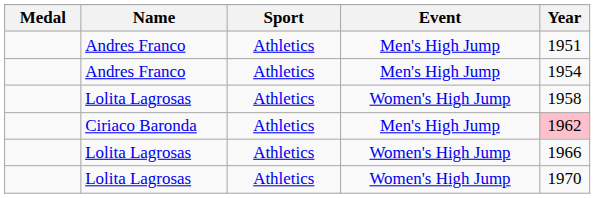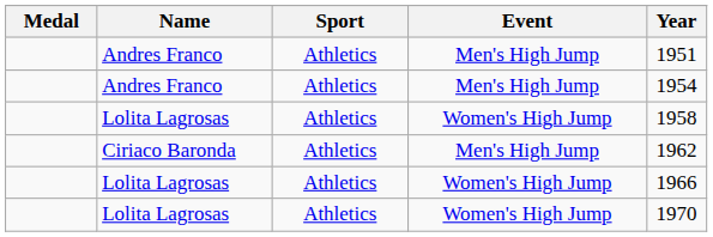 <table class="wikitable"  style="font-size:100%;  text-align:center;">
 <tr>
 </tr>
 <tr>
 <th width="65">Medal</th>
 <th width="130">Name</th>
 <th width="100">Sport</th>
 <th width="180">Event</th>
 <th width="40">Year</th>
 </tr>
 <tr>
 <td></td>
 <td align=left><a href='#'>Andres Franco</a></td>
 <td><a href='#'>Athletics</a></td>
 <td><a href='#'>Men's High Jump</a></td>
 <td>1951</td>
 </tr>
 <tr>
 <td></td>
 <td align=left><a href='#'>Andres Franco</a></td>
 <td><a href='#'>Athletics</a></td>
 <td><a href='#'>Men's High Jump</a></td>
 <td>1954</td>
 </tr>
 <tr>
 <td></td>
 <td align=left><a href='#'>Lolita Lagrosas</a></td>
 <td><a href='#'>Athletics</a></td>
 <td><a href='#'>Women's High Jump</a></td>
 <td>1958</td>
 </tr>
 <tr>
 <td></td>
 <td align=left><a href='#'>Ciriaco Baronda</a></td>
 <td><a href='#'>Athletics</a></td>
 <td><a href='#'>Men's High Jump</a></td>
-<td style="background: pink;">1962</td>
+<td>1962</td>
 </tr>
 <tr>
 <td></td>
 <td align=left><a href='#'>Lolita Lagrosas</a></td>
 <td><a href='#'>Athletics</a></td>
 <td><a href='#'>Women's High Jump</a></td>
 <td>1966</td>
 </tr>
 <tr>
 <td></td>
 <td align=left><a href='#'>Lolita Lagrosas</a></td>
 <td><a href='#'>Athletics</a></td>
 <td><a href='#'>Women's High Jump</a></td>
 <td>1970</td>
 </tr>
 </table>
